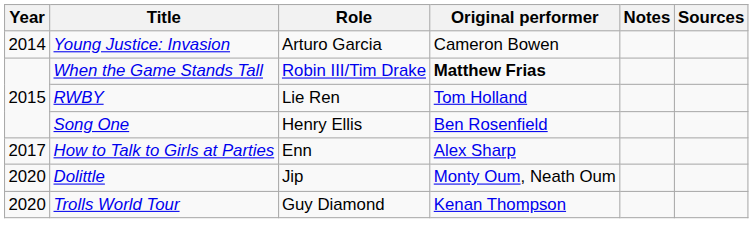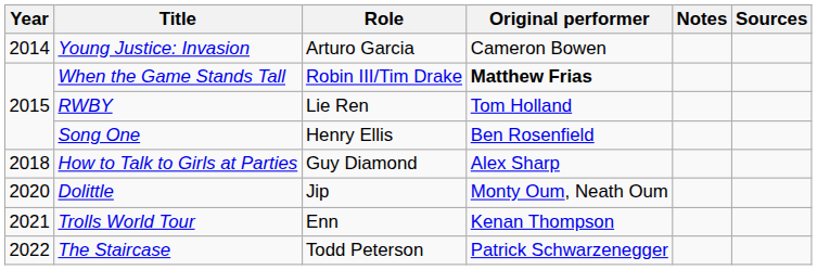 <table class="wikitable sortable">
 <tr>
 <th>Year</th>
 <th>Title</th>
 <th>Role</th>
 <th>Original performer</th>
 <th class="unsortable">Notes</th>
 <th class="unsortable">Sources</th>
 </tr>
 <tr>
 <td>2014</td>
 <td><em><a href='#'>Young Justice: Invasion</a></em></td>
 <td>Arturo Garcia</td>
 <td>Cameron Bowen</td>
 <td></td>
 <td></td>
 </tr>
 <tr>
 <td rowspan="3">2015</td>
 <td><em><a href='#'>When the Game Stands Tall</a></em></td>
 <td><a href='#'>Robin III/Tim Drake</a></td>
 <td><strong>Matthew Frias</strong></td>
 <td></td>
 <td></td>
 </tr>
 <tr>
 <td><em><a href='#'>RWBY</a></em></td>
 <td>Lie Ren</td>
 <td><a href='#'>Tom Holland</a></td>
 <td></td>
 <td></td>
 </tr>
 <tr>
 <td><em><a href='#'>Song One</a></em></td>
 <td>Henry Ellis</td>
 <td><a href='#'>Ben Rosenfield</a></td>
 <td></td>
 <td></td>
 </tr>
 <tr>
-<td>2017</td>
+<td>2018</td>
 <td><em><a href='#'>How to Talk to Girls at Parties</a></em></td>
-<td>Enn</td>
+<td>Guy Diamond</td>
 <td><a href='#'>Alex Sharp</a></td>
 <td></td>
 <td></td>
 </tr>
 <tr>
 <td>2020</td>
 <td><em><a href='#'>Dolittle</a></em></td>
 <td>Jip</td>
 <td><a href='#'>Monty Oum</a>, Neath Oum</td>
 <td></td>
 <td></td>
 </tr>
 <tr>
-<td>2020</td>
+<td>2021</td>
 <td><em><a href='#'>Trolls World Tour</a></em></td>
-<td>Guy Diamond</td>
+<td>Enn</td>
 <td><a href='#'>Kenan Thompson</a></td>
 <td></td>
 <td></td>
 </tr>
+<tr>
+<td>2022</td>
+<td><em><a href='#'>The Staircase</a></em></td>
+<td>Todd Peterson</td>
+<td><a href='#'>Patrick Schwarzenegger</a></td>
+<td></td>
+<td></td>
+</tr>
 </table>
